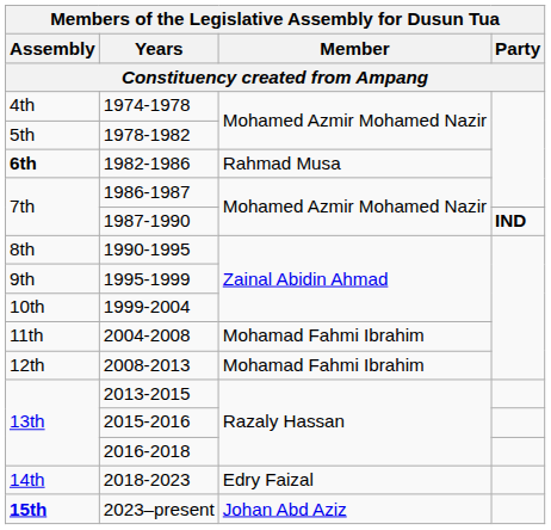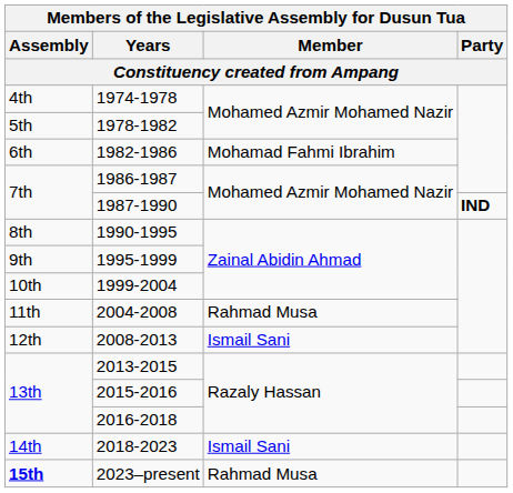 <table class=wikitable>
 <tr>
 <th colspan=4>Members of the Legislative Assembly for Dusun Tua</th>
 </tr>
 <tr>
 <th>Assembly</th>
 <th>Years</th>
 <th>Member</th>
 <th>Party</th>
 </tr>
 <tr>
 <th colspan=4 align=center><em>Constituency created from Ampang</em></th>
 </tr>
 <tr>
 <td>4th</td>
 <td>1974-1978</td>
 <td rowspan=2>Mohamed Azmir Mohamed Nazir</td>
 <td rowspan=4></td>
 </tr>
 <tr>
 <td>5th</td>
 <td>1978-1982</td>
 </tr>
 <tr>
-<td><strong>6th</strong></td>
+<td>6th</td>
 <td>1982-1986</td>
-<td>Rahmad Musa</td>
+<td>Mohamad Fahmi Ibrahim</td>
 </tr>
 <tr>
 <td rowspan="2">7th</td>
 <td>1986-1987</td>
 <td rowspan=2=>Mohamed Azmir Mohamed Nazir</td>
 </tr>
 <tr>
 <td>1987-1990</td>
 <td bgcolor=><strong>IND</strong></td>
 </tr>
 <tr>
 <td>8th</td>
 <td>1990-1995</td>
 <td rowspan=3><a href='#'>Zainal Abidin Ahmad</a></td>
 <td rowspan=5></td>
 </tr>
 <tr>
 <td>9th</td>
 <td>1995-1999</td>
 </tr>
 <tr>
 <td>10th</td>
 <td>1999-2004</td>
 </tr>
 <tr>
 <td>11th</td>
 <td>2004-2008</td>
-<td>Mohamad Fahmi Ibrahim</td>
+<td>Rahmad Musa</td>
 </tr>
 <tr>
 <td>12th</td>
 <td>2008-2013</td>
-<td>Mohamad Fahmi Ibrahim</td>
+<td><a href='#'>Ismail Sani</a></td>
 </tr>
 <tr>
 <td rowspan=3><a href='#'>13th</a></td>
 <td>2013-2015</td>
 <td rowspan=3>Razaly Hassan</td>
 <td></td>
 </tr>
 <tr>
 <td>2015-2016</td>
 <td bgcolor=></td>
 </tr>
 <tr>
 <td>2016-2018</td>
 <td bgcolor=></td>
 </tr>
 <tr>
 <td><a href='#'>14th</a></td>
 <td>2018-2023</td>
-<td>Edry Faizal</td>
+<td><a href='#'>Ismail Sani</a></td>
 <td></td>
 </tr>
 <tr>
 <td><strong><a href='#'>15th</a></strong></td>
 <td>2023–present</td>
-<td><a href='#'>Johan Abd Aziz</a></td>
+<td>Rahmad Musa</td>
 <td></td>
 </tr>
 </table>
